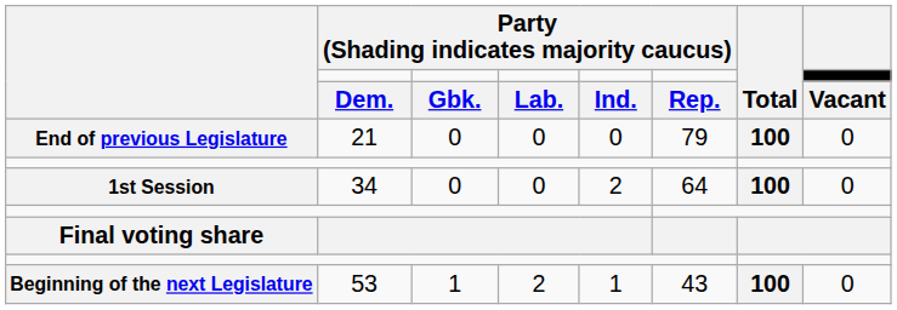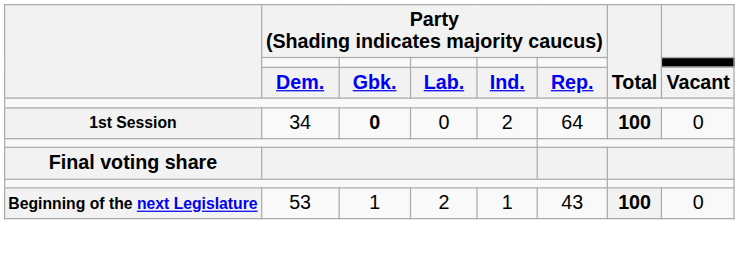 <table class=wikitable style="text-align:center">
 <tr style="vertical-align:bottom;">
 <th rowspan=3></th>
 <th colspan=5>Party <div>(Shading indicates majority caucus)</div></th>
 <th rowspan=3>Total</th>
 <th></th>
 </tr>
 <tr style="height:5px">
 <td style="background-color:"></td>
 <td style="background-color:"></td>
 <td style="background-color:"></td>
 <td style="background-color:"></td>
 <td style="background-color:"></td>
 <td style="background:black;"></td>
 </tr>
 <tr>
 <th><a href='#'>Dem.</a></th>
 <th><a href='#'>Gbk.</a></th>
 <th><a href='#'>Lab.</a></th>
 <th><a href='#'>Ind.</a></th>
 <th><a href='#'>Rep.</a></th>
 <th>Vacant</th>
 </tr>
 <tr>
-<th style="font-size:80%;">End of <a href='#'>previous Legislature</a></th>
-<td>21</td>
-<td>0</td>
-<td>0</td>
-<td>0</td>
-<td>79</td>
-<th>100</th>
-<td>0</td>
-</tr>
-<tr>
 <td colspan=6></td>
 </tr>
 <tr>
 <th style="font-size:80%;">1st Session</th>
 <td>34</td>
-<td>0</td>
+<td><strong>0</strong></td>
 <td>0</td>
 <td>2</td>
 <td>64</td>
 <th>100</th>
 <td>0</td>
 </tr>
 <tr>
 <td colspan=5></td>
 </tr>
 <tr>
 <th>Final voting share</th>
 <th colspan=4></th>
 <th></th>
 <th colspan=2></th>
 </tr>
 <tr>
 <td colspan=6></td>
 </tr>
 <tr>
 <th style="font-size:80%;">Beginning of the <a href='#'>next Legislature</a></th>
 <td>53</td>
 <td>1</td>
 <td>2</td>
 <td>1</td>
 <td>43</td>
 <th>100</th>
 <td>0</td>
 </tr>
 </table>
